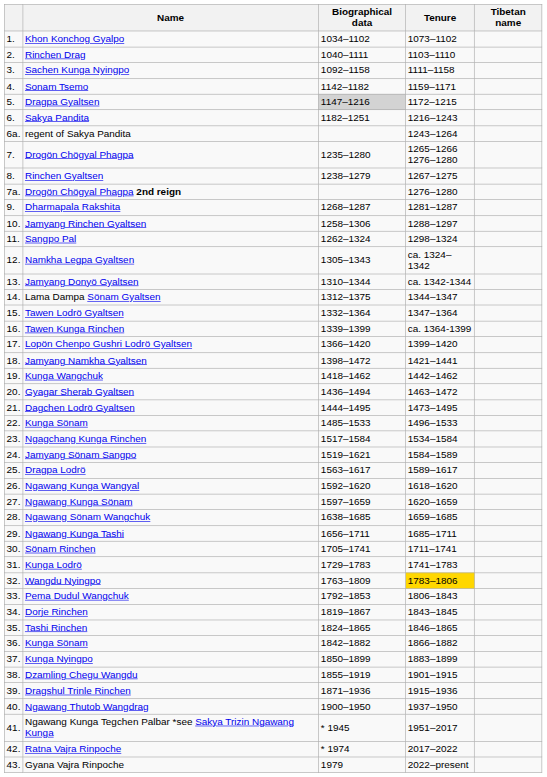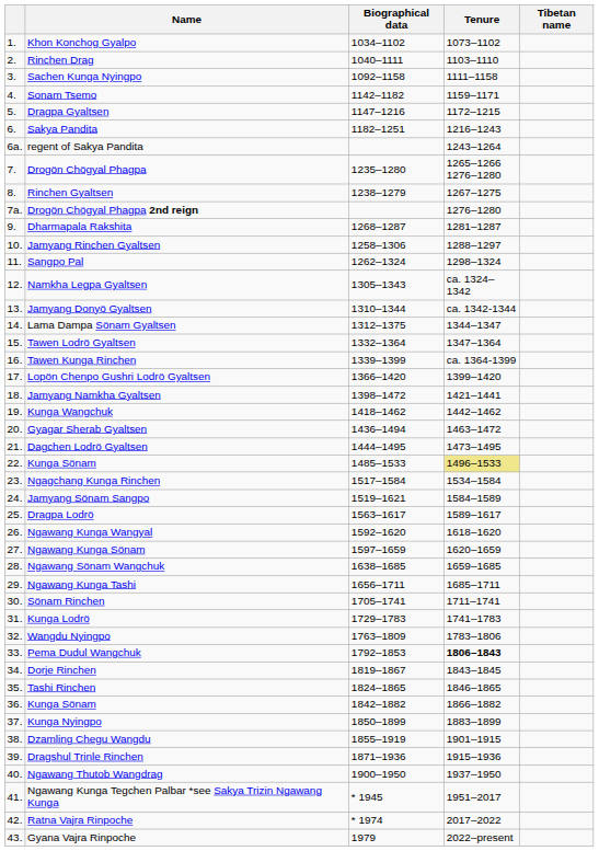 <table class="wikitable">
 <tr>
 <th></th>
 <th>Name</th>
 <th>Biographical data</th>
 <th>Tenure</th>
 <th>Tibetan name</th>
 </tr>
 <tr>
 <td>1.</td>
 <td><a href='#'>Khon Konchog Gyalpo</a></td>
 <td>1034–1102</td>
 <td>1073–1102</td>
 <td></td>
 </tr>
 <tr ---->
 <td>2.</td>
 <td><a href='#'>Rinchen Drag</a></td>
 <td>1040–1111</td>
 <td>1103–1110</td>
 <td></td>
 </tr>
 <tr ---->
 <td>3.</td>
 <td><a href='#'>Sachen Kunga Nyingpo</a></td>
 <td>1092–1158</td>
 <td>1111–1158</td>
 <td></td>
 </tr>
 <tr ---->
 <td>4.</td>
 <td><a href='#'>Sonam Tsemo</a></td>
 <td>1142–1182</td>
 <td>1159–1171</td>
 <td></td>
 </tr>
 <tr ---->
 <td>5.</td>
 <td><a href='#'>Dragpa Gyaltsen</a></td>
-<td style="background: lightgrey;">1147–1216</td>
+<td>1147–1216</td>
 <td>1172–1215</td>
 <td></td>
 </tr>
 <tr ---->
 <td>6.</td>
 <td><a href='#'>Sakya Pandita</a></td>
 <td>1182–1251</td>
 <td>1216–1243</td>
 <td></td>
 </tr>
 <tr ---->
 <td>6a.</td>
 <td>regent of Sakya Pandita</td>
 <td></td>
 <td>1243–1264</td>
 <td></td>
 </tr>
 <tr ---->
 <td>7.</td>
 <td><a href='#'>Drogön Chögyal Phagpa</a></td>
 <td>1235–1280</td>
 <td>1265–1266<br>1276–1280</td>
 <td></td>
 </tr>
 <tr ---->
 <td>8.</td>
 <td><a href='#'>Rinchen Gyaltsen</a></td>
 <td>1238–1279</td>
 <td>1267–1275</td>
 <td></td>
 </tr>
 <tr ---->
 <td>7a.</td>
 <td><a href='#'>Drogön Chögyal Phagpa</a> <strong>2nd reign</strong></td>
 <td></td>
 <td>1276–1280</td>
 <td></td>
 </tr>
 <tr ---->
 <td>9.</td>
 <td><a href='#'>Dharmapala Rakshita</a></td>
 <td>1268–1287</td>
 <td>1281–1287</td>
 <td></td>
 </tr>
 <tr ---->
 <td>10.</td>
 <td><a href='#'>Jamyang Rinchen Gyaltsen</a></td>
 <td>1258–1306</td>
 <td>1288–1297</td>
 <td></td>
 </tr>
 <tr ---->
 <td>11.</td>
 <td><a href='#'>Sangpo Pal</a></td>
 <td>1262–1324</td>
 <td>1298–1324</td>
 <td></td>
 </tr>
 <tr ---->
 <td>12.</td>
 <td><a href='#'>Namkha Legpa Gyaltsen</a></td>
 <td>1305–1343</td>
 <td>ca. 1324–1342</td>
 <td></td>
 </tr>
 <tr ---->
 <td>13.</td>
 <td><a href='#'>Jamyang Donyö Gyaltsen</a></td>
 <td>1310–1344</td>
 <td>ca. 1342-1344</td>
 <td></td>
 </tr>
 <tr ---->
 <td>14.</td>
 <td>Lama Dampa <a href='#'>Sönam Gyaltsen</a></td>
 <td>1312–1375</td>
 <td>1344–1347</td>
 <td></td>
 </tr>
 <tr ---->
 <td>15.</td>
 <td><a href='#'>Tawen Lodrö Gyaltsen</a></td>
 <td>1332–1364</td>
 <td>1347–1364</td>
 <td></td>
 </tr>
 <tr ---->
 <td>16.</td>
 <td><a href='#'>Tawen Kunga Rinchen</a></td>
 <td>1339–1399</td>
 <td>ca. 1364-1399</td>
 <td></td>
 </tr>
 <tr ---->
 <td>17.</td>
 <td><a href='#'>Lopön Chenpo Gushri Lodrö Gyaltsen</a></td>
 <td>1366–1420</td>
 <td>1399–1420</td>
 <td></td>
 </tr>
 <tr ---->
 <td>18.</td>
 <td><a href='#'>Jamyang Namkha Gyaltsen</a></td>
 <td>1398–1472</td>
 <td>1421–1441</td>
 <td></td>
 </tr>
 <tr ---->
 <td>19.</td>
 <td><a href='#'>Kunga Wangchuk</a></td>
 <td>1418–1462</td>
 <td>1442–1462</td>
 <td></td>
 </tr>
 <tr ---->
 <td>20.</td>
 <td><a href='#'>Gyagar Sherab Gyaltsen</a></td>
 <td>1436–1494</td>
 <td>1463–1472</td>
 <td></td>
 </tr>
 <tr ---->
 <td>21.</td>
 <td><a href='#'>Dagchen Lodrö Gyaltsen</a></td>
 <td>1444–1495</td>
 <td>1473–1495</td>
 <td></td>
 </tr>
 <tr ---->
 <td>22.</td>
 <td><a href='#'>Kunga Sönam</a></td>
 <td>1485–1533</td>
-<td>1496–1533</td>
+<td style="background: khaki;">1496–1533</td>
 <td></td>
 </tr>
 <tr ---->
 <td>23.</td>
 <td><a href='#'>Ngagchang Kunga Rinchen</a></td>
 <td>1517–1584</td>
 <td>1534–1584</td>
 <td></td>
 </tr>
 <tr ---->
 <td>24.</td>
 <td><a href='#'>Jamyang Sönam Sangpo</a></td>
 <td>1519–1621</td>
 <td>1584–1589</td>
 <td></td>
 </tr>
 <tr ---->
 <td>25.</td>
 <td><a href='#'>Dragpa Lodrö</a></td>
 <td>1563–1617</td>
 <td>1589–1617</td>
 <td></td>
 </tr>
 <tr>
 <td>26.</td>
 <td><a href='#'>Ngawang Kunga Wangyal</a></td>
 <td>1592–1620</td>
 <td>1618–1620</td>
 <td></td>
 </tr>
 <tr ---->
 <td>27.</td>
 <td><a href='#'>Ngawang Kunga Sönam</a></td>
 <td>1597–1659</td>
 <td>1620–1659</td>
 <td></td>
 </tr>
 <tr ---->
 <td>28.</td>
 <td><a href='#'>Ngawang Sönam Wangchuk</a></td>
 <td>1638–1685</td>
 <td>1659–1685</td>
 <td></td>
 </tr>
 <tr ---->
 <td>29.</td>
 <td><a href='#'>Ngawang Kunga Tashi</a></td>
 <td>1656–1711</td>
 <td>1685–1711</td>
 <td></td>
 </tr>
 <tr ---->
 <td>30.</td>
 <td><a href='#'>Sönam Rinchen</a></td>
 <td>1705–1741</td>
 <td>1711–1741</td>
 <td></td>
 </tr>
 <tr ---->
 <td>31.</td>
 <td><a href='#'>Kunga Lodrö</a></td>
 <td>1729–1783</td>
 <td>1741–1783</td>
 <td></td>
 </tr>
 <tr ---->
 <td>32.</td>
 <td><a href='#'>Wangdu Nyingpo</a></td>
 <td>1763–1809</td>
-<td style="background: gold;">1783–1806</td>
+<td>1783–1806</td>
 <td></td>
 </tr>
 <tr ---->
 <td>33.</td>
 <td><a href='#'>Pema Dudul Wangchuk</a></td>
 <td>1792–1853</td>
-<td>1806–1843</td>
+<td><strong>1806–1843</strong></td>
 <td></td>
 </tr>
 <tr ---->
 <td>34.</td>
 <td><a href='#'>Dorje Rinchen</a></td>
 <td>1819–1867</td>
 <td>1843–1845</td>
 <td></td>
 </tr>
 <tr ---->
 <td>35.</td>
 <td><a href='#'>Tashi Rinchen</a></td>
 <td>1824–1865</td>
 <td>1846–1865</td>
 <td></td>
 </tr>
 <tr ---->
 <td>36.</td>
 <td><a href='#'>Kunga Sönam</a></td>
 <td>1842–1882</td>
 <td>1866–1882</td>
 <td></td>
 </tr>
 <tr ---->
 <td>37.</td>
 <td><a href='#'>Kunga Nyingpo</a></td>
 <td>1850–1899</td>
 <td>1883–1899</td>
 <td></td>
 </tr>
 <tr ---->
 <td>38.</td>
 <td><a href='#'>Dzamling Chegu Wangdu</a></td>
 <td>1855–1919</td>
 <td>1901–1915</td>
 <td></td>
 </tr>
 <tr ---->
 <td>39.</td>
 <td><a href='#'>Dragshul Trinle Rinchen</a></td>
 <td>1871–1936</td>
 <td>1915–1936</td>
 <td></td>
 </tr>
 <tr ---->
 <td>40.</td>
 <td><a href='#'>Ngawang Thutob Wangdrag</a></td>
 <td>1900–1950</td>
 <td>1937–1950</td>
 <td></td>
 </tr>
 <tr ---->
 <td>41.</td>
 <td>Ngawang Kunga Tegchen Palbar *see <a href='#'>Sakya Trizin Ngawang Kunga</a></td>
 <td>* 1945</td>
 <td>1951–2017</td>
 <td></td>
 </tr>
 <tr ---->
 <td>42.</td>
 <td><a href='#'>Ratna Vajra Rinpoche</a></td>
 <td>* 1974</td>
 <td>2017–2022</td>
 <td></td>
 </tr>
 <tr>
 <td>43.</td>
 <td>Gyana Vajra Rinpoche</td>
 <td>1979</td>
 <td>2022–present</td>
 <td></td>
 </tr>
 </table>
